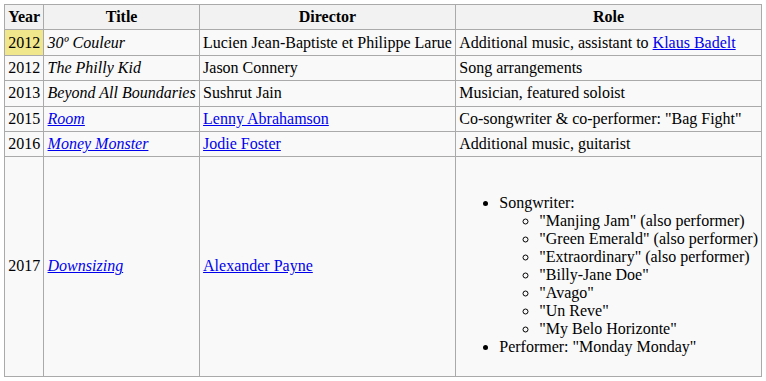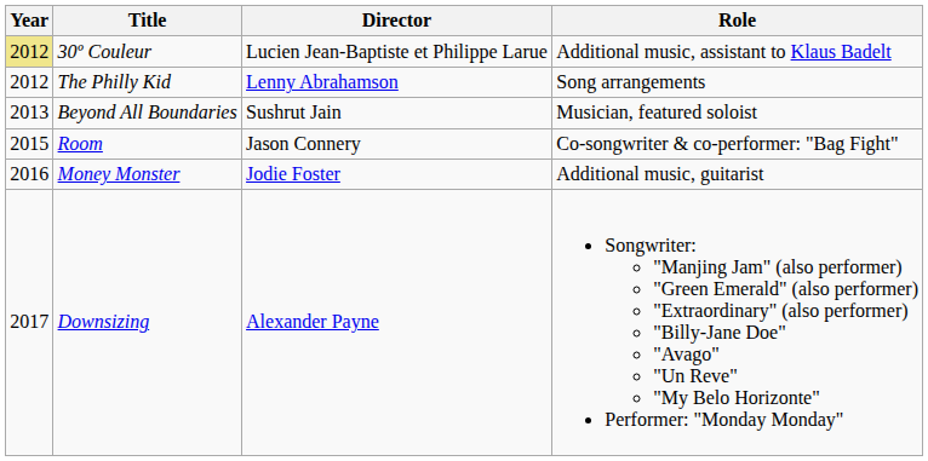 <table class="wikitable sortable">
 <tr>
 <th>Year</th>
 <th>Title</th>
 <th>Director</th>
 <th>Role</th>
 </tr>
 <tr>
 <td style="background: khaki;">2012</td>
 <td><em>30º Couleur</em></td>
 <td>Lucien Jean-Baptiste et Philippe Larue</td>
 <td>Additional music, assistant to <a href='#'>Klaus Badelt</a></td>
 </tr>
 <tr>
 <td>2012</td>
 <td><em>The Philly Kid</em></td>
-<td>Jason Connery</td>
+<td><a href='#'>Lenny Abrahamson</a></td>
 <td>Song arrangements</td>
 </tr>
 <tr>
 <td>2013</td>
 <td><em>Beyond All Boundaries</em></td>
 <td>Sushrut Jain</td>
 <td>Musician, featured soloist</td>
 </tr>
 <tr>
 <td>2015</td>
 <td><em><a href='#'>Room</a></em></td>
-<td><a href='#'>Lenny Abrahamson</a></td>
+<td>Jason Connery</td>
 <td>Co-songwriter & co-performer: "Bag Fight"</td>
 </tr>
 <tr>
 <td>2016</td>
 <td><em><a href='#'>Money Monster</a></em></td>
 <td><a href='#'>Jodie Foster</a></td>
 <td>Additional music, guitarist</td>
 </tr>
 <tr>
 <td>2017</td>
 <td><em><a href='#'>Downsizing</a></em></td>
 <td><a href='#'>Alexander Payne</a></td>
 <td><br><ul><li>Songwriter:<ul><li>"Manjing Jam" (also performer)</li><li>"Green Emerald" (also performer)</li><li>"Extraordinary" (also performer)</li><li>"Billy-Jane Doe"</li><li>"Avago"</li><li>"Un Reve"</li><li>"My Belo Horizonte"</li></ul></li><li>Performer: "Monday Monday"</li></ul></td>
 </tr>
 <tr>
 </tr>
 </table>
